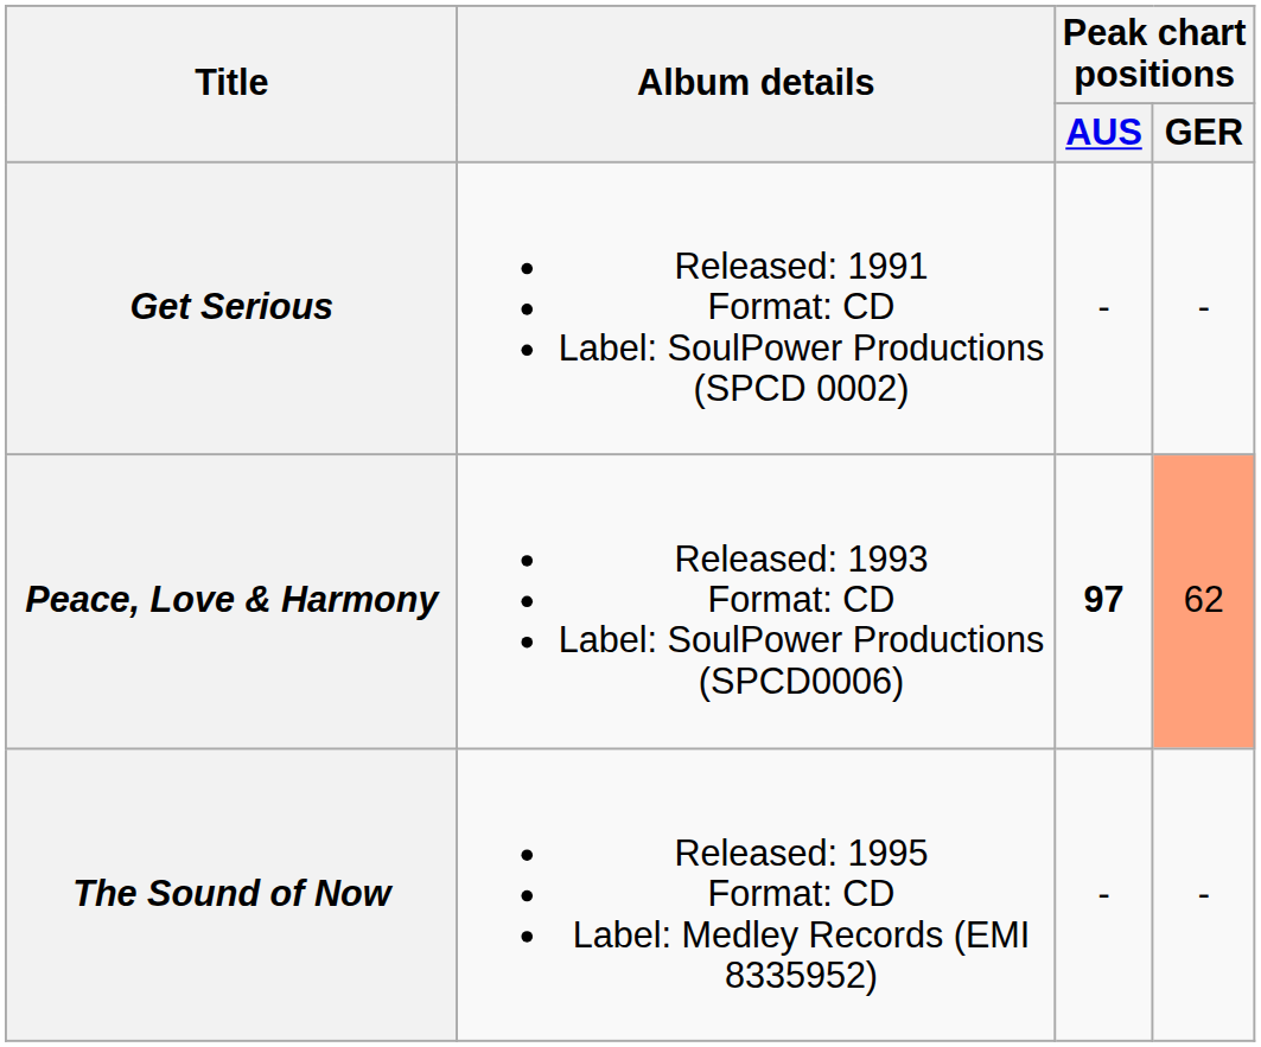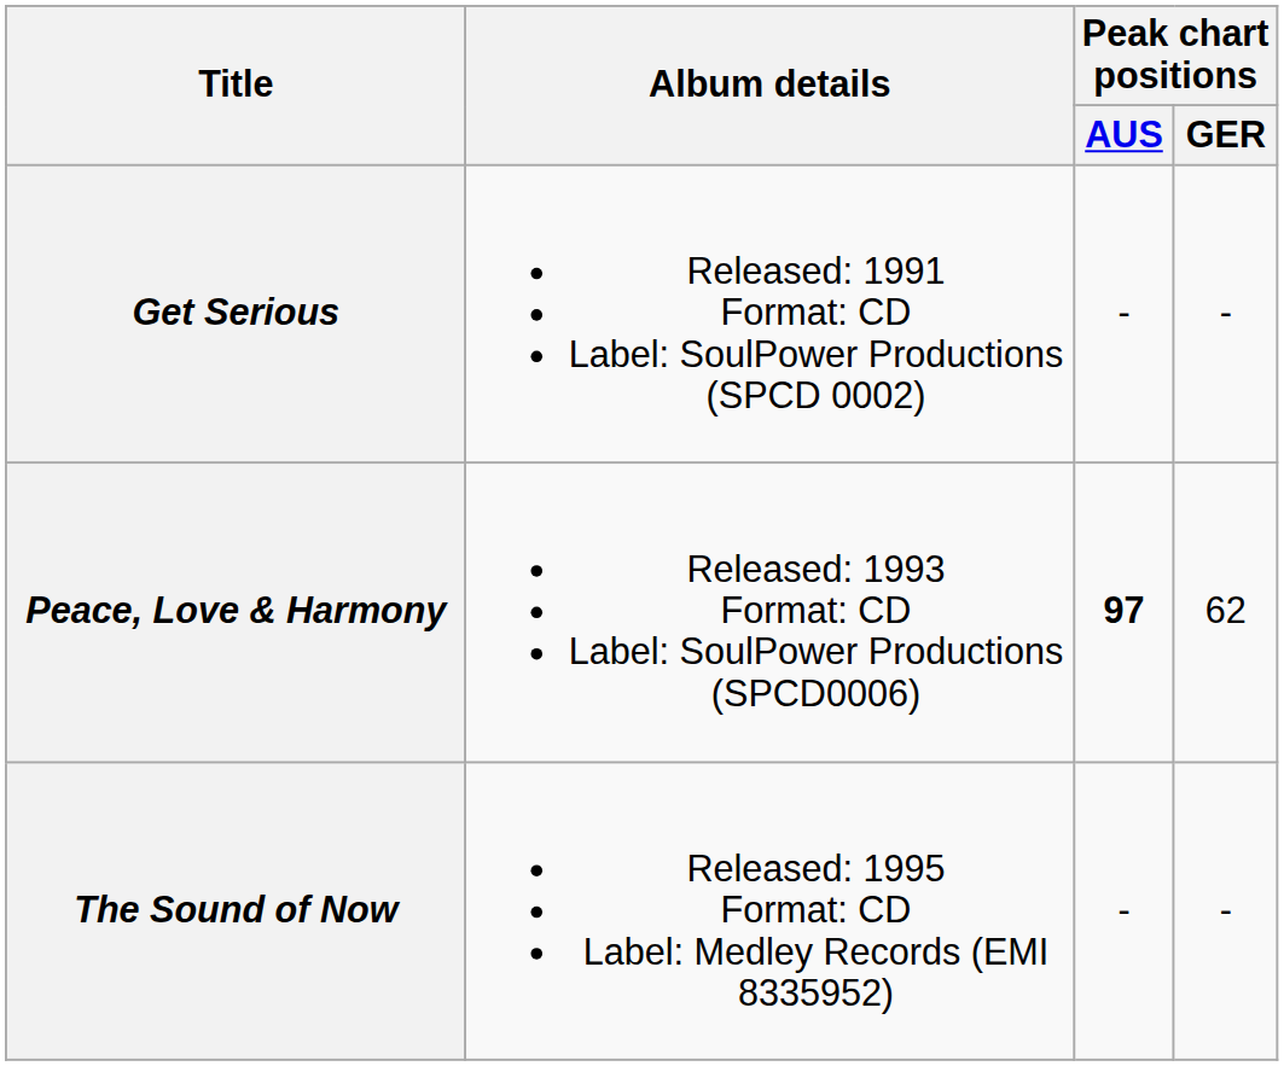 <table class="wikitable plainrowheaders" style="text-align:center;">
 <tr>
 <th scope="col" rowspan="2" style="width:12em;">Title</th>
 <th scope="col" rowspan="2" style="width:16em;">Album details</th>
 <th scope="col" colspan="2">Peak chart<br>positions</th>
 </tr>
 <tr>
 <th><a href='#'>AUS</a><br></th>
 <th>GER</th>
 </tr>
 <tr>
 <th scope="row"><em>Get Serious</em></th>
 <td><br><ul><li>Released: 1991</li><li>Format: CD</li><li>Label: SoulPower Productions (SPCD 0002)</li></ul></td>
 <td style="text-align:center;">-</td>
 <td style="text-align:center;">-</td>
 </tr>
 <tr>
 <th scope="row"><em>Peace, Love & Harmony</em></th>
 <td><br><ul><li>Released: 1993</li><li>Format: CD</li><li>Label: SoulPower Productions (SPCD0006)</li></ul></td>
 <td style="text-align:center;"><strong>97</strong></td>
-<td style="background: lightsalmon; text-align:center;">62</td>
+<td style="text-align:center;">62</td>
 </tr>
 <tr>
 <th scope="row"><em>The Sound of Now</em></th>
 <td><br><ul><li>Released: 1995</li><li>Format: CD</li><li>Label: Medley Records (EMI 8335952)</li></ul></td>
 <td style="text-align:center;">-</td>
 <td style="text-align:center;">-</td>
 </tr>
 </table>
